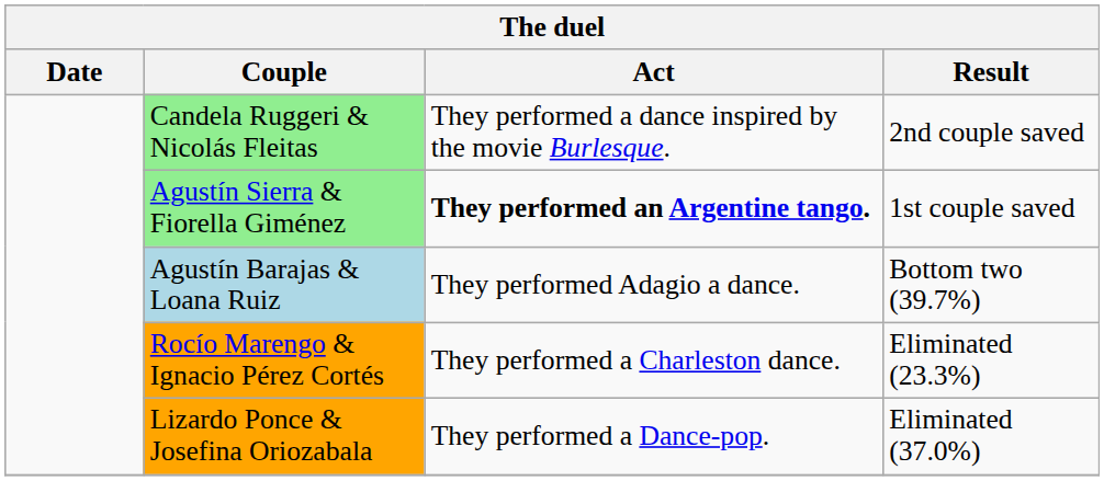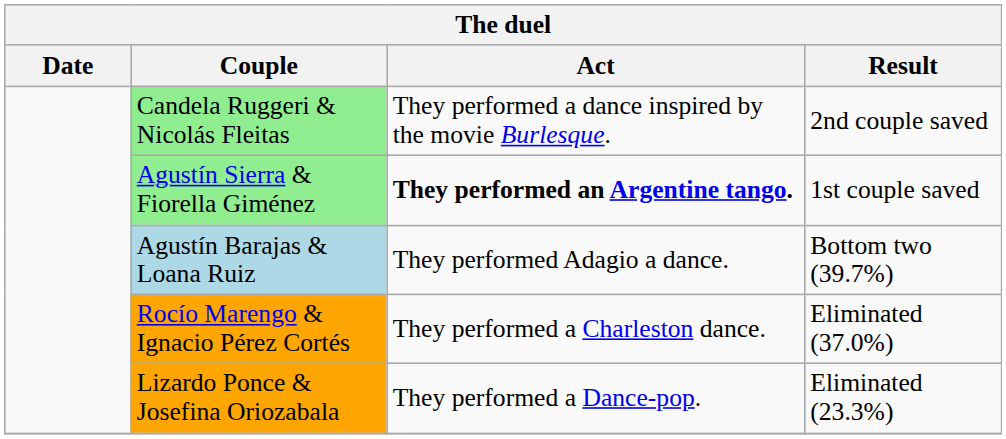 <table class="wikitable collapsible collapsed" style="text-align: align; width: 100%;">
 <tr>
 <th colspan="11" style="with: 100%;" align="center">The duel</th>
 </tr>
 <tr>
 <th width=75>Date</th>
 <th width=160>Couple</th>
 <th width=270>Act</th>
 <th width=120>Result</th>
 </tr>
 <tr>
 <td rowspan="5"></td>
 <td bgcolor="lightgreen">Candela Ruggeri & Nicolás Fleitas</td>
 <td>They performed a dance inspired by the movie <em><a href='#'>Burlesque</a></em>.<br></td>
 <td>2nd couple saved</td>
 </tr>
 <tr>
 <td bgcolor="lightgreen"><a href='#'>Agustín Sierra</a> & Fiorella Giménez</td>
 <td><strong>They performed an <a href='#'>Argentine tango</a>.<br></strong></td>
 <td>1st couple saved</td>
 </tr>
 <tr>
 <td bgcolor="lightblue">Agustín Barajas & Loana Ruiz</td>
 <td>They performed Adagio a dance.<br></td>
 <td>Bottom two (39.7%)</td>
 </tr>
 <tr>
 <td bgcolor="orange"><a href='#'>Rocío Marengo</a> & Ignacio Pérez Cortés</td>
 <td>They performed a <a href='#'>Charleston</a> dance.<br></td>
-<td>Eliminated (23.3%)</td>
+<td>Eliminated (37.0%)</td>
 </tr>
 <tr>
 <td bgcolor="orange">Lizardo Ponce & Josefina Oriozabala</td>
 <td>They performed a <a href='#'>Dance-pop</a>.<br></td>
-<td>Eliminated (37.0%)</td>
+<td>Eliminated (23.3%)</td>
 </tr>
 <tr>
 </tr>
 </table>
